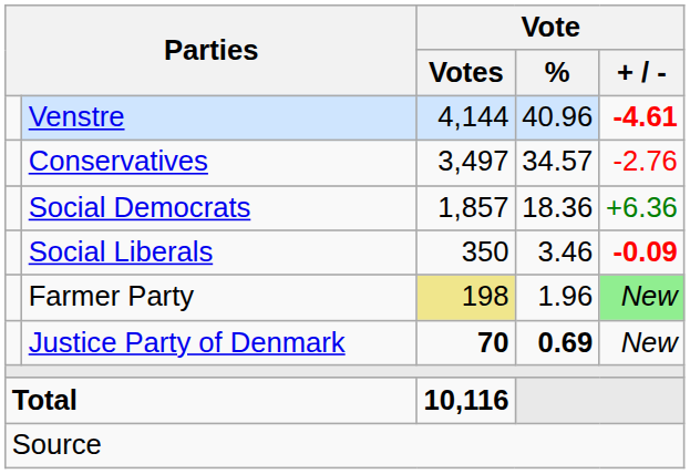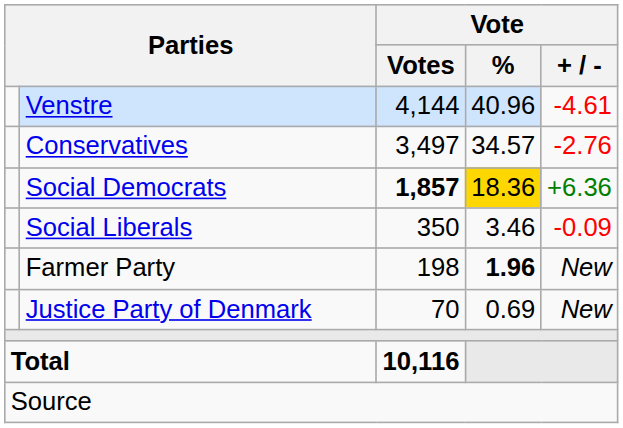 <table class="wikitable" style="text-align:right;">
 <tr>
 <th style="text-align:centre;" rowspan="2" colspan="2" width="225">Parties</th>
 <th colspan="3">Vote</th>
 </tr>
 <tr>
 <th width="15">Votes</th>
 <th width="15">%</th>
 <th width="15">+ / -</th>
 </tr>
 <tr>
 <td width="2" style="color:inherit;background:"></td>
 <td bgcolor=#cfe5fe  align="left"><a href='#'>Venstre</a></td>
 <td bgcolor=#cfe5fe>4,144</td>
 <td bgcolor=#cfe5fe>40.96</td>
-<td style=color:red;><strong>-4.61</strong></td>
+<td style=color:red;>-4.61</td>
 </tr>
 <tr>
 <td width="2" style="color:inherit;background:"></td>
 <td align="left"><a href='#'>Conservatives</a></td>
 <td>3,497</td>
 <td>34.57</td>
 <td style=color:red;>-2.76</td>
 </tr>
 <tr>
 <td width="2" style="color:inherit;background:"></td>
 <td align="left"><a href='#'>Social Democrats</a></td>
-<td>1,857</td>
-<td>18.36</td>
+<td><strong>1,857</strong></td>
+<td style="background: gold;">18.36</td>
 <td style=color:green;>+6.36</td>
 </tr>
 <tr>
 <td width="2" style="color:inherit;background:"></td>
 <td align="left"><a href='#'>Social Liberals</a></td>
 <td>350</td>
 <td>3.46</td>
-<td style=color:red;><strong>-0.09</strong></td>
+<td style=color:red;>-0.09</td>
 </tr>
 <tr>
 <td width="2" style="color:inherit;background:"></td>
 <td align="left">Farmer Party</td>
-<td style="background: khaki;">198</td>
-<td>1.96</td>
-<td style="background: lightgreen;"><em>New</em></td>
+<td>198</td>
+<td><strong>1.96</strong></td>
+<td><em>New</em></td>
 </tr>
 <tr>
 <td width="2" style="color:inherit;background:"></td>
 <td align="left"><a href='#'>Justice Party of Denmark</a></td>
-<td><strong>70</strong></td>
-<td><strong>0.69</strong></td>
+<td>70</td>
+<td>0.69</td>
 <td><em>New</em></td>
 </tr>
 <tr>
 <td colspan="7" bgcolor="#E9E9E9"></td>
 </tr>
 <tr>
 <td align="left" colspan="2"><strong>Total</strong></td>
 <td><strong>10,116</strong></td>
 <td bgcolor="#E9E9E9" colspan="2"></td>
 </tr>
 <tr>
 <td align="left" colspan="6">Source</td>
 </tr>
 </table>
